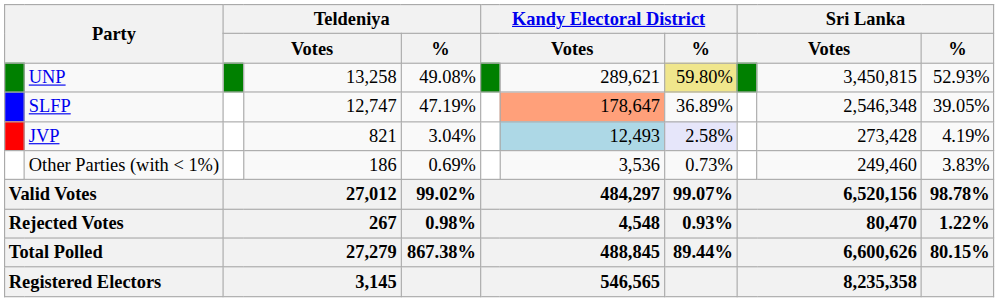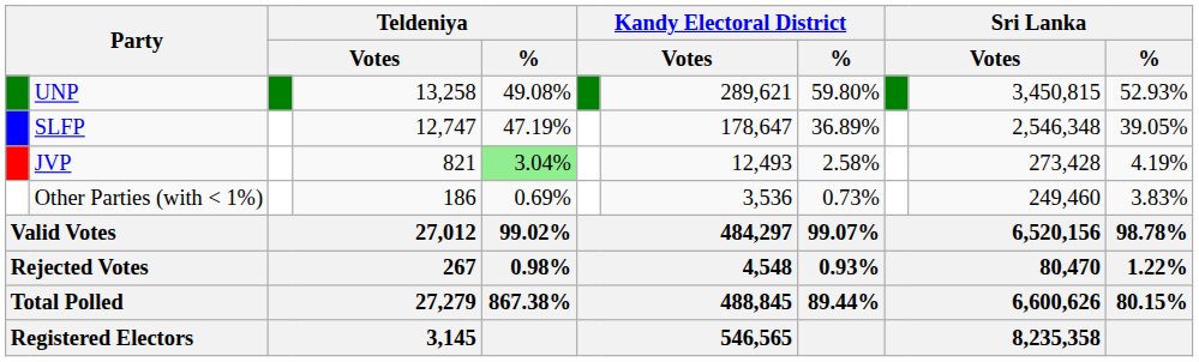 <table class="wikitable">
 <tr>
 <th colspan="2" width="144px"rowspan="2">Party</th>
 <th colspan="3" width="216px">Teldeniya</th>
 <th colspan="3" width="216px"><a href='#'>Kandy Electoral District</a></th>
 <th colspan="3" width="216px">Sri Lanka</th>
 </tr>
 <tr>
 <th colspan="2" width="144px">Votes</th>
 <th>%</th>
 <th colspan="2" width="144px">Votes</th>
 <th>%</th>
 <th colspan="2" width="144px">Votes</th>
 <th>%</th>
 </tr>
 <tr>
 <td style="background-color:green;" width="10px"></td>
 <td style="text-align:left;"><a href='#'>UNP</a></td>
 <td style="background-color:green;" width="10px"></td>
 <td style="text-align:right;">13,258</td>
 <td style="text-align:right;">49.08%</td>
 <td style="background-color:green;" width="10px"></td>
 <td style="text-align:right;">289,621</td>
-<td style="background: khaki; text-align:right;">59.80%</td>
+<td style="text-align:right;">59.80%</td>
 <td style="background-color:green;" width="10px"></td>
 <td style="text-align:right;">3,450,815</td>
 <td style="text-align:right;">52.93%</td>
 </tr>
 <tr>
 <td style="background-color:blue;" width="10px"></td>
 <td style="text-align:left;"><a href='#'>SLFP</a></td>
 <td style="background-color:white;" width="10px"></td>
 <td style="text-align:right;">12,747</td>
 <td style="text-align:right;">47.19%</td>
 <td style="background-color:white;" width="10px"></td>
-<td style="background: lightsalmon; text-align:right;">178,647</td>
+<td style="text-align:right;">178,647</td>
 <td style="text-align:right;">36.89%</td>
 <td style="background-color:white;" width="10px"></td>
 <td style="text-align:right;">2,546,348</td>
 <td style="text-align:right;">39.05%</td>
 </tr>
 <tr>
 <td style="background-color:red;" width="10px"></td>
 <td style="text-align:left;"><a href='#'>JVP</a></td>
 <td style="background-color:white;" width="10px"></td>
 <td style="text-align:right;">821</td>
-<td style="text-align:right;">3.04%</td>
+<td style="background: lightgreen; text-align:right;">3.04%</td>
 <td style="background-color:white;" width="10px"></td>
-<td style="background: lightblue; text-align:right;">12,493</td>
-<td style="background: lavender; text-align:right;">2.58%</td>
+<td style="text-align:right;">12,493</td>
+<td style="text-align:right;">2.58%</td>
 <td style="background-color:white;" width="10px"></td>
 <td style="text-align:right;">273,428</td>
 <td style="text-align:right;">4.19%</td>
 </tr>
 <tr>
 <td style="background-color:white;" width="10px"></td>
 <td style="text-align:left;">Other Parties (with < 1%)</td>
 <td style="background-color:white;" width="10px"></td>
 <td style="text-align:right;">186</td>
 <td style="text-align:right;">0.69%</td>
 <td style="background-color:white;" width="10px"></td>
 <td style="text-align:right;">3,536</td>
 <td style="text-align:right;">0.73%</td>
 <td style="background-color:white;" width="10px"></td>
 <td style="text-align:right;">249,460</td>
 <td style="text-align:right;">3.83%</td>
 </tr>
 <tr>
 <th colspan="2" width="144px"style="text-align:left;">Valid Votes</th>
 <th style="text-align:right;"colspan="2" width="144px">27,012</th>
 <th style="text-align:right;">99.02%</th>
 <th style="text-align:right;"colspan="2" width="144px">484,297</th>
 <th style="text-align:right;">99.07%</th>
 <th style="text-align:right;"colspan="2" width="144px">6,520,156</th>
 <th style="text-align:right;">98.78%</th>
 </tr>
 <tr>
 <th colspan="2" width="144px"style="text-align:left;">Rejected Votes</th>
 <th style="text-align:right;"colspan="2" width="144px">267</th>
 <th style="text-align:right;">0.98%</th>
 <th style="text-align:right;"colspan="2" width="144px">4,548</th>
 <th style="text-align:right;">0.93%</th>
 <th style="text-align:right;"colspan="2" width="144px">80,470</th>
 <th style="text-align:right;">1.22%</th>
 </tr>
 <tr>
 <th colspan="2" width="144px"style="text-align:left;">Total Polled</th>
 <th style="text-align:right;"colspan="2" width="144px">27,279</th>
 <th style="text-align:right;">867.38%</th>
 <th style="text-align:right;"colspan="2" width="144px">488,845</th>
 <th style="text-align:right;">89.44%</th>
 <th style="text-align:right;"colspan="2" width="144px">6,600,626</th>
 <th style="text-align:right;">80.15%</th>
 </tr>
 <tr>
 <th colspan="2" width="144px"style="text-align:left;">Registered Electors</th>
 <th style="text-align:right;"colspan="2" width="144px">3,145</th>
 <th></th>
 <th style="text-align:right;"colspan="2" width="144px">546,565</th>
 <th></th>
 <th style="text-align:right;"colspan="2" width="144px">8,235,358</th>
 <th></th>
 </tr>
 </table>
